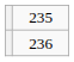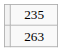 <table class="wikitable">
 <tr>
 <th></th>
 <td style="padding-left: 1em; padding-right: 1em">235</td>
 </tr>
 <tr>
 <th></th>
-<td style="padding-left: 1em; padding-right: 1em">236</td>
+<td style="padding-left: 1em; padding-right: 1em">263</td>
 </tr>
 </table>
